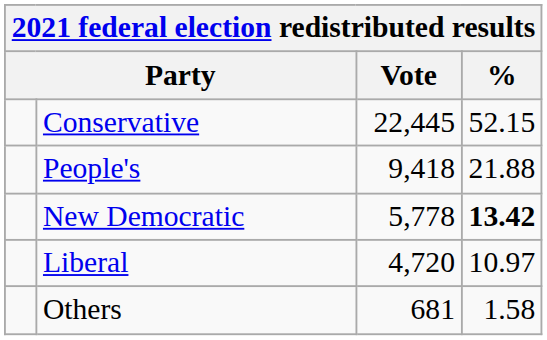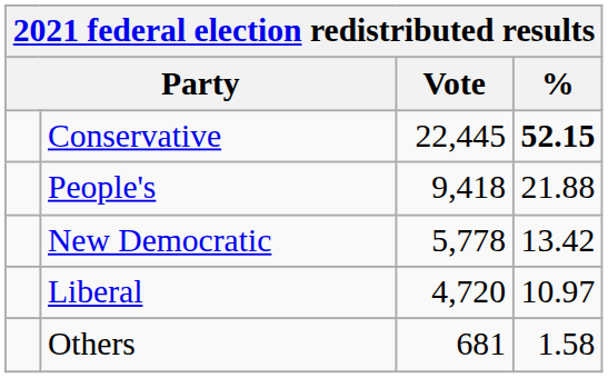 <table class="wikitable">
 <tr>
 <th colspan="4"><a href='#'>2021 federal election</a> redistributed results</th>
 </tr>
 <tr>
 <th bgcolor="#DDDDFF" width="130px" colspan="2">Party</th>
 <th bgcolor="#DDDDFF" width="50px">Vote</th>
 <th bgcolor="#DDDDFF" width="30px">%</th>
 </tr>
 <tr>
 <td> </td>
 <td><a href='#'>Conservative</a></td>
 <td align=right>22,445</td>
-<td align=right>52.15</td>
+<td align=right><strong>52.15</strong></td>
 </tr>
 <tr>
 <td> </td>
 <td><a href='#'>People's</a></td>
 <td align=right>9,418</td>
 <td align=right>21.88</td>
 </tr>
 <tr>
 <td> </td>
 <td><a href='#'>New Democratic</a></td>
 <td align=right>5,778</td>
-<td align=right><strong>13.42</strong></td>
+<td align=right>13.42</td>
 </tr>
 <tr>
 <td> </td>
 <td><a href='#'>Liberal</a></td>
 <td align=right>4,720</td>
 <td align=right>10.97</td>
 </tr>
 <tr>
 <td> </td>
 <td>Others</td>
 <td align=right>681</td>
 <td align=right>1.58</td>
 </tr>
 </table>
